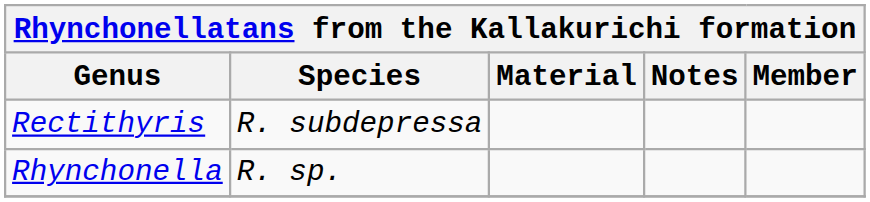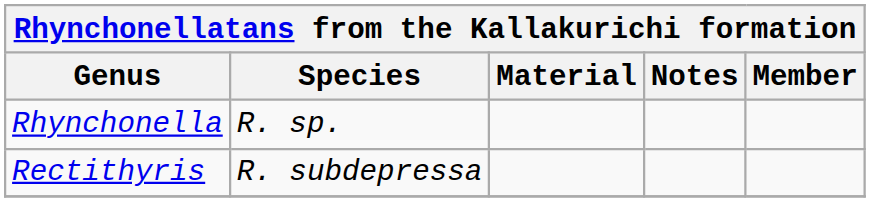 <table class="wikitable" align="center">
 <tr>
 <th colspan="5" align="center"><strong><a href='#'>Rhynchonellatans</a> from the Kallakurichi formation</strong></th>
 </tr>
 <tr>
 <th>Genus</th>
 <th>Species</th>
 <th>Material</th>
 <th>Notes</th>
 <th>Member</th>
 </tr>
 <tr>
+<td><em><a href='#'>Rhynchonella</a></em></td>
+<td><em>R. sp.</em></td>
+<td></td>
+<td></td>
+<td></td>
+</tr>
+<tr>
 <td><em><a href='#'>Rectithyris</a></em></td>
 <td><em>R. subdepressa</em></td>
 <td></td>
 <td></td>
 <td></td>
 </tr>
 <tr>
-<td><em><a href='#'>Rhynchonella</a></em></td>
-<td><em>R. sp.</em></td>
-<td></td>
-<td></td>
-<td></td>
-</tr>
-<tr>
 </tr>
 </table>
